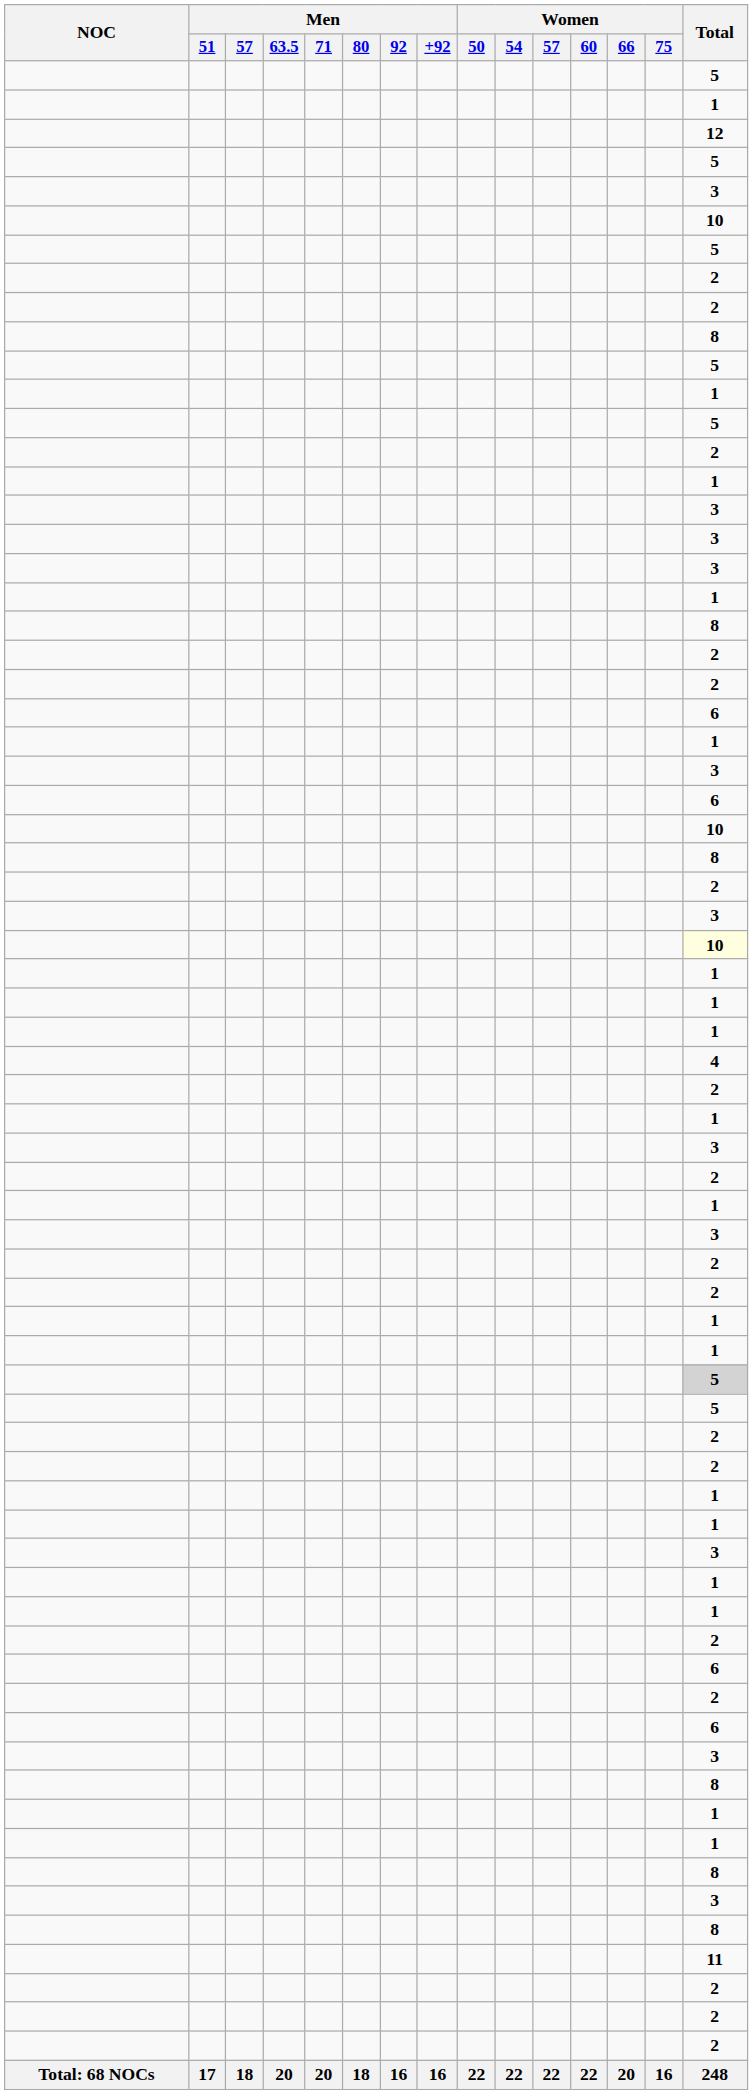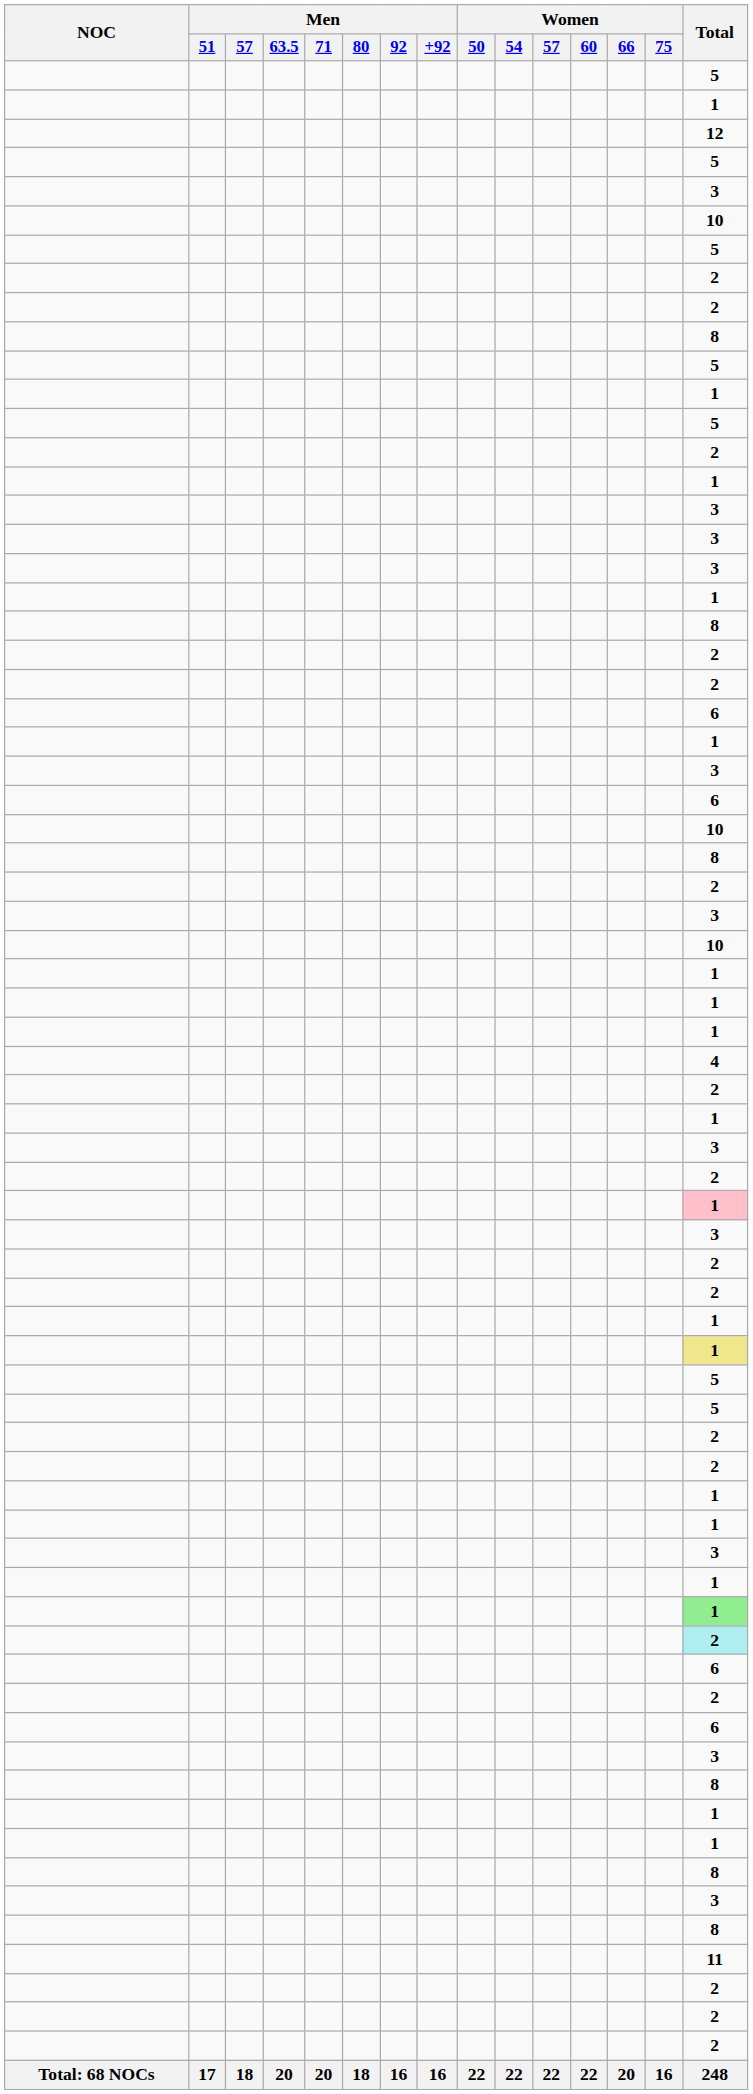 <table class="wikitable sortable" id="boxingNOC" style="text-align:center; font-size:90%">
 <tr>
 <th rowspan=2 width=208>NOC</th>
 <th colspan=7>Men</th>
 <th colspan=6>Women</th>
 <th rowspan=2 width=55>Total</th>
 </tr>
 <tr style="font-size: 95%">
 <th width=30><a href='#'>51</a></th>
 <th width=30><a href='#'>57</a></th>
 <th width=30><a href='#'>63.5</a></th>
 <th width=30><a href='#'>71</a></th>
 <th width=30><a href='#'>80</a></th>
 <th width=30><a href='#'>92</a></th>
 <th width=30><a href='#'>+92</a></th>
 <th width=30><a href='#'>50</a></th>
 <th width=30><a href='#'>54</a></th>
 <th width=30><a href='#'>57</a></th>
 <th width=30><a href='#'>60</a></th>
 <th width=30><a href='#'>66</a></th>
 <th width=30><a href='#'>75</a></th>
 </tr>
 <tr>
 <td align=left></td>
 <td></td>
 <td></td>
 <td></td>
 <td></td>
 <td></td>
 <td></td>
 <td></td>
 <td></td>
 <td></td>
 <td></td>
 <td></td>
 <td></td>
 <td></td>
 <td><strong>5</strong></td>
 </tr>
 <tr>
 <td align=left></td>
 <td></td>
 <td></td>
 <td></td>
 <td></td>
 <td></td>
 <td></td>
 <td></td>
 <td></td>
 <td></td>
 <td></td>
 <td></td>
 <td></td>
 <td></td>
 <td><strong>1</strong></td>
 </tr>
 <tr>
 <td align=left></td>
 <td></td>
 <td></td>
 <td></td>
 <td></td>
 <td></td>
 <td></td>
 <td></td>
 <td></td>
 <td></td>
 <td></td>
 <td></td>
 <td></td>
 <td></td>
 <td><strong>12</strong></td>
 </tr>
 <tr>
 <td align=left></td>
 <td></td>
 <td></td>
 <td></td>
 <td></td>
 <td></td>
 <td></td>
 <td></td>
 <td></td>
 <td></td>
 <td></td>
 <td></td>
 <td></td>
 <td></td>
 <td><strong>5</strong></td>
 </tr>
 <tr>
 <td align=left></td>
 <td></td>
 <td></td>
 <td></td>
 <td></td>
 <td></td>
 <td></td>
 <td></td>
 <td></td>
 <td></td>
 <td></td>
 <td></td>
 <td></td>
 <td></td>
 <td><strong>3</strong></td>
 </tr>
 <tr>
 <td align=left></td>
 <td></td>
 <td></td>
 <td></td>
 <td></td>
 <td></td>
 <td></td>
 <td></td>
 <td></td>
 <td></td>
 <td></td>
 <td></td>
 <td></td>
 <td></td>
 <td><strong>10</strong></td>
 </tr>
 <tr>
 <td align=left></td>
 <td></td>
 <td></td>
 <td></td>
 <td></td>
 <td></td>
 <td></td>
 <td></td>
 <td></td>
 <td></td>
 <td></td>
 <td></td>
 <td></td>
 <td></td>
 <td><strong>5</strong></td>
 </tr>
 <tr>
 <td align=left></td>
 <td></td>
 <td></td>
 <td></td>
 <td></td>
 <td></td>
 <td></td>
 <td></td>
 <td></td>
 <td></td>
 <td></td>
 <td></td>
 <td></td>
 <td></td>
 <td><strong>2</strong></td>
 </tr>
 <tr>
 <td align=left></td>
 <td></td>
 <td></td>
 <td></td>
 <td></td>
 <td></td>
 <td></td>
 <td></td>
 <td></td>
 <td></td>
 <td></td>
 <td></td>
 <td></td>
 <td></td>
 <td><strong>2</strong></td>
 </tr>
 <tr>
 <td align=left></td>
 <td></td>
 <td></td>
 <td></td>
 <td></td>
 <td></td>
 <td></td>
 <td></td>
 <td></td>
 <td></td>
 <td></td>
 <td></td>
 <td></td>
 <td></td>
 <td><strong>8</strong></td>
 </tr>
 <tr>
 <td align=left></td>
 <td></td>
 <td></td>
 <td></td>
 <td></td>
 <td></td>
 <td></td>
 <td></td>
 <td></td>
 <td></td>
 <td></td>
 <td></td>
 <td></td>
 <td></td>
 <td><strong>5</strong></td>
 </tr>
 <tr>
 <td align=left></td>
 <td></td>
 <td></td>
 <td></td>
 <td></td>
 <td></td>
 <td></td>
 <td></td>
 <td></td>
 <td></td>
 <td></td>
 <td></td>
 <td></td>
 <td></td>
 <td><strong>1</strong></td>
 </tr>
 <tr>
 <td align=left></td>
 <td></td>
 <td></td>
 <td></td>
 <td></td>
 <td></td>
 <td></td>
 <td></td>
 <td></td>
 <td></td>
 <td></td>
 <td></td>
 <td></td>
 <td></td>
 <td><strong>5</strong></td>
 </tr>
 <tr>
 <td align=left></td>
 <td></td>
 <td></td>
 <td></td>
 <td></td>
 <td></td>
 <td></td>
 <td></td>
 <td></td>
 <td></td>
 <td></td>
 <td></td>
 <td></td>
 <td></td>
 <td><strong>2</strong></td>
 </tr>
 <tr>
 <td align=left></td>
 <td></td>
 <td></td>
 <td></td>
 <td></td>
 <td></td>
 <td></td>
 <td></td>
 <td></td>
 <td></td>
 <td></td>
 <td></td>
 <td></td>
 <td></td>
 <td><strong>1</strong></td>
 </tr>
 <tr>
 <td align=left></td>
 <td></td>
 <td></td>
 <td></td>
 <td></td>
 <td></td>
 <td></td>
 <td></td>
 <td></td>
 <td></td>
 <td></td>
 <td></td>
 <td></td>
 <td></td>
 <td><strong>3</strong></td>
 </tr>
 <tr>
 <td align=left></td>
 <td></td>
 <td></td>
 <td></td>
 <td></td>
 <td></td>
 <td></td>
 <td></td>
 <td></td>
 <td></td>
 <td></td>
 <td></td>
 <td></td>
 <td></td>
 <td><strong>3</strong></td>
 </tr>
 <tr>
 <td align=left></td>
 <td></td>
 <td></td>
 <td></td>
 <td></td>
 <td></td>
 <td></td>
 <td></td>
 <td></td>
 <td></td>
 <td></td>
 <td></td>
 <td></td>
 <td></td>
 <td><strong>3</strong></td>
 </tr>
 <tr>
 <td align=left></td>
 <td></td>
 <td></td>
 <td></td>
 <td></td>
 <td></td>
 <td></td>
 <td></td>
 <td></td>
 <td></td>
 <td></td>
 <td></td>
 <td></td>
 <td></td>
 <td><strong>1</strong></td>
 </tr>
 <tr>
 <td align=left></td>
 <td></td>
 <td></td>
 <td></td>
 <td></td>
 <td></td>
 <td></td>
 <td></td>
 <td></td>
 <td></td>
 <td></td>
 <td></td>
 <td></td>
 <td></td>
 <td><strong>8</strong></td>
 </tr>
 <tr>
 <td align=left></td>
 <td></td>
 <td></td>
 <td></td>
 <td></td>
 <td></td>
 <td></td>
 <td></td>
 <td></td>
 <td></td>
 <td></td>
 <td></td>
 <td></td>
 <td></td>
 <td><strong>2</strong></td>
 </tr>
 <tr>
 <td align=left></td>
 <td></td>
 <td></td>
 <td></td>
 <td></td>
 <td></td>
 <td></td>
 <td></td>
 <td></td>
 <td></td>
 <td></td>
 <td></td>
 <td></td>
 <td></td>
 <td><strong>2</strong></td>
 </tr>
 <tr>
 <td align=left></td>
 <td></td>
 <td></td>
 <td></td>
 <td></td>
 <td></td>
 <td></td>
 <td></td>
 <td></td>
 <td></td>
 <td></td>
 <td></td>
 <td></td>
 <td></td>
 <td><strong>6</strong></td>
 </tr>
 <tr>
 <td align=left></td>
 <td></td>
 <td></td>
 <td></td>
 <td></td>
 <td></td>
 <td></td>
 <td></td>
 <td></td>
 <td></td>
 <td></td>
 <td></td>
 <td></td>
 <td></td>
 <td><strong>1</strong></td>
 </tr>
 <tr>
 <td align=left></td>
 <td></td>
 <td></td>
 <td></td>
 <td></td>
 <td></td>
 <td></td>
 <td></td>
 <td></td>
 <td></td>
 <td></td>
 <td></td>
 <td></td>
 <td></td>
 <td><strong>3</strong></td>
 </tr>
 <tr>
 <td align=left></td>
 <td></td>
 <td></td>
 <td></td>
 <td></td>
 <td></td>
 <td></td>
 <td></td>
 <td></td>
 <td></td>
 <td></td>
 <td></td>
 <td></td>
 <td></td>
 <td><strong>6</strong></td>
 </tr>
 <tr>
 <td align=left></td>
 <td></td>
 <td></td>
 <td></td>
 <td></td>
 <td></td>
 <td></td>
 <td></td>
 <td></td>
 <td></td>
 <td></td>
 <td></td>
 <td></td>
 <td></td>
 <td><strong>10</strong></td>
 </tr>
 <tr>
 <td align=left></td>
 <td></td>
 <td></td>
 <td></td>
 <td></td>
 <td></td>
 <td></td>
 <td></td>
 <td></td>
 <td></td>
 <td></td>
 <td></td>
 <td></td>
 <td></td>
 <td><strong>8</strong></td>
 </tr>
 <tr>
 <td align=left></td>
 <td></td>
 <td></td>
 <td></td>
 <td></td>
 <td></td>
 <td></td>
 <td></td>
 <td></td>
 <td></td>
 <td></td>
 <td></td>
 <td></td>
 <td></td>
 <td><strong>2</strong></td>
 </tr>
 <tr>
 <td align=left></td>
 <td></td>
 <td></td>
 <td></td>
 <td></td>
 <td></td>
 <td></td>
 <td></td>
 <td></td>
 <td></td>
 <td></td>
 <td></td>
 <td></td>
 <td></td>
 <td><strong>3</strong></td>
 </tr>
 <tr>
 <td align=left></td>
 <td></td>
 <td></td>
 <td></td>
 <td></td>
 <td></td>
 <td></td>
 <td></td>
 <td></td>
 <td></td>
 <td></td>
 <td></td>
 <td></td>
 <td></td>
-<td style="background: lightyellow;"><strong>10</strong></td>
+<td><strong>10</strong></td>
 </tr>
 <tr>
 <td align=left></td>
 <td></td>
 <td></td>
 <td></td>
 <td></td>
 <td></td>
 <td></td>
 <td></td>
 <td></td>
 <td></td>
 <td></td>
 <td></td>
 <td></td>
 <td></td>
 <td><strong>1</strong></td>
 </tr>
 <tr>
 <td align=left></td>
 <td></td>
 <td></td>
 <td></td>
 <td></td>
 <td></td>
 <td></td>
 <td></td>
 <td></td>
 <td></td>
 <td></td>
 <td></td>
 <td></td>
 <td></td>
 <td><strong>1</strong></td>
 </tr>
 <tr>
 <td align=left></td>
 <td></td>
 <td></td>
 <td></td>
 <td></td>
 <td></td>
 <td></td>
 <td></td>
 <td></td>
 <td></td>
 <td></td>
 <td></td>
 <td></td>
 <td></td>
 <td><strong>1</strong></td>
 </tr>
 <tr>
 <td align=left></td>
 <td></td>
 <td></td>
 <td></td>
 <td></td>
 <td></td>
 <td></td>
 <td></td>
 <td></td>
 <td></td>
 <td></td>
 <td></td>
 <td></td>
 <td></td>
 <td><strong>4</strong></td>
 </tr>
 <tr>
 <td align=left></td>
 <td></td>
 <td></td>
 <td></td>
 <td></td>
 <td></td>
 <td></td>
 <td></td>
 <td></td>
 <td></td>
 <td></td>
 <td></td>
 <td></td>
 <td></td>
 <td><strong>2</strong></td>
 </tr>
 <tr>
 <td align=left></td>
 <td></td>
 <td></td>
 <td></td>
 <td></td>
 <td></td>
 <td></td>
 <td></td>
 <td></td>
 <td></td>
 <td></td>
 <td></td>
 <td></td>
 <td></td>
 <td><strong>1</strong></td>
 </tr>
 <tr>
 <td align=left></td>
 <td></td>
 <td></td>
 <td></td>
 <td></td>
 <td></td>
 <td></td>
 <td></td>
 <td></td>
 <td></td>
 <td></td>
 <td></td>
 <td></td>
 <td></td>
 <td><strong>3</strong></td>
 </tr>
 <tr>
 <td align=left></td>
 <td></td>
 <td></td>
 <td></td>
 <td></td>
 <td></td>
 <td></td>
 <td></td>
 <td></td>
 <td></td>
 <td></td>
 <td></td>
 <td></td>
 <td></td>
 <td><strong>2</strong></td>
 </tr>
 <tr>
 <td align=left></td>
 <td></td>
 <td></td>
 <td></td>
 <td></td>
 <td></td>
 <td></td>
 <td></td>
 <td></td>
 <td></td>
 <td></td>
 <td></td>
 <td></td>
 <td></td>
-<td><strong>1</strong></td>
+<td style="background: pink;"><strong>1</strong></td>
 </tr>
 <tr>
 <td align=left></td>
 <td></td>
 <td></td>
 <td></td>
 <td></td>
 <td></td>
 <td></td>
 <td></td>
 <td></td>
 <td></td>
 <td></td>
 <td></td>
 <td></td>
 <td></td>
 <td><strong>3</strong></td>
 </tr>
 <tr>
 <td align=left></td>
 <td></td>
 <td></td>
 <td></td>
 <td></td>
 <td></td>
 <td></td>
 <td></td>
 <td></td>
 <td></td>
 <td></td>
 <td></td>
 <td></td>
 <td></td>
 <td><strong>2</strong></td>
 </tr>
 <tr>
 <td align=left></td>
 <td></td>
 <td></td>
 <td></td>
 <td></td>
 <td></td>
 <td></td>
 <td></td>
 <td></td>
 <td></td>
 <td></td>
 <td></td>
 <td></td>
 <td></td>
 <td><strong>2</strong></td>
 </tr>
 <tr>
 <td align=left></td>
 <td></td>
 <td></td>
 <td></td>
 <td></td>
 <td></td>
 <td></td>
 <td></td>
 <td></td>
 <td></td>
 <td></td>
 <td></td>
 <td></td>
 <td></td>
 <td><strong>1</strong></td>
 </tr>
 <tr>
 <td align=left></td>
 <td></td>
 <td></td>
 <td></td>
 <td></td>
 <td></td>
 <td></td>
 <td></td>
 <td></td>
 <td></td>
 <td></td>
 <td></td>
 <td></td>
 <td></td>
-<td><strong>1</strong></td>
+<td style="background: khaki;"><strong>1</strong></td>
 </tr>
 <tr>
 <td align=left></td>
 <td></td>
 <td></td>
 <td></td>
 <td></td>
 <td></td>
 <td></td>
 <td></td>
 <td></td>
 <td></td>
 <td></td>
 <td></td>
 <td></td>
 <td></td>
-<td style="background: lightgrey;"><strong>5</strong></td>
+<td><strong>5</strong></td>
 </tr>
 <tr>
 <td align=left></td>
 <td></td>
 <td></td>
 <td></td>
 <td></td>
 <td></td>
 <td></td>
 <td></td>
 <td></td>
 <td></td>
 <td></td>
 <td></td>
 <td></td>
 <td></td>
 <td><strong>5</strong></td>
 </tr>
 <tr>
 <td align=left></td>
 <td></td>
 <td></td>
 <td></td>
 <td></td>
 <td></td>
 <td></td>
 <td></td>
 <td></td>
 <td></td>
 <td></td>
 <td></td>
 <td></td>
 <td></td>
 <td><strong>2</strong></td>
 </tr>
 <tr>
 <td align=left></td>
 <td></td>
 <td></td>
 <td></td>
 <td></td>
 <td></td>
 <td></td>
 <td></td>
 <td></td>
 <td></td>
 <td></td>
 <td></td>
 <td></td>
 <td></td>
 <td><strong>2</strong></td>
 </tr>
 <tr>
 <td align=left></td>
 <td></td>
 <td></td>
 <td></td>
 <td></td>
 <td></td>
 <td></td>
 <td></td>
 <td></td>
 <td></td>
 <td></td>
 <td></td>
 <td></td>
 <td></td>
 <td><strong>1</strong></td>
 </tr>
 <tr>
 <td align=left></td>
 <td></td>
 <td></td>
 <td></td>
 <td></td>
 <td></td>
 <td></td>
 <td></td>
 <td></td>
 <td></td>
 <td></td>
 <td></td>
 <td></td>
 <td></td>
 <td><strong>1</strong></td>
 </tr>
 <tr>
 <td align=left></td>
 <td></td>
 <td></td>
 <td></td>
 <td></td>
 <td></td>
 <td></td>
 <td></td>
 <td></td>
 <td></td>
 <td></td>
 <td></td>
 <td></td>
 <td></td>
 <td><strong>3</strong></td>
 </tr>
 <tr>
 <td align=left></td>
 <td></td>
 <td></td>
 <td></td>
 <td></td>
 <td></td>
 <td></td>
 <td></td>
 <td></td>
 <td></td>
 <td></td>
 <td></td>
 <td></td>
 <td></td>
 <td><strong>1</strong></td>
 </tr>
 <tr>
 <td align=left></td>
 <td></td>
 <td></td>
 <td></td>
 <td></td>
 <td></td>
 <td></td>
 <td></td>
 <td></td>
 <td></td>
 <td></td>
 <td></td>
 <td></td>
 <td></td>
-<td><strong>1</strong></td>
+<td style="background: lightgreen;"><strong>1</strong></td>
 </tr>
 <tr>
 <td align=left></td>
 <td></td>
 <td></td>
 <td></td>
 <td></td>
 <td></td>
 <td></td>
 <td></td>
 <td></td>
 <td></td>
 <td></td>
 <td></td>
 <td></td>
 <td></td>
-<td><strong>2</strong></td>
+<td style="background: paleturquoise;"><strong>2</strong></td>
 </tr>
 <tr>
 <td align=left></td>
 <td></td>
 <td></td>
 <td></td>
 <td></td>
 <td></td>
 <td></td>
 <td></td>
 <td></td>
 <td></td>
 <td></td>
 <td></td>
 <td></td>
 <td></td>
 <td><strong>6</strong></td>
 </tr>
 <tr>
 <td align=left></td>
 <td></td>
 <td></td>
 <td></td>
 <td></td>
 <td></td>
 <td></td>
 <td></td>
 <td></td>
 <td></td>
 <td></td>
 <td></td>
 <td></td>
 <td></td>
 <td><strong>2</strong></td>
 </tr>
 <tr>
 <td align=left></td>
 <td></td>
 <td></td>
 <td></td>
 <td></td>
 <td></td>
 <td></td>
 <td></td>
 <td></td>
 <td></td>
 <td></td>
 <td></td>
 <td></td>
 <td></td>
 <td><strong>6</strong></td>
 </tr>
 <tr>
 <td align=left></td>
 <td></td>
 <td></td>
 <td></td>
 <td></td>
 <td></td>
 <td></td>
 <td></td>
 <td></td>
 <td></td>
 <td></td>
 <td></td>
 <td></td>
 <td></td>
 <td><strong>3</strong></td>
 </tr>
 <tr>
 <td align=left></td>
 <td></td>
 <td></td>
 <td></td>
 <td></td>
 <td></td>
 <td></td>
 <td></td>
 <td></td>
 <td></td>
 <td></td>
 <td></td>
 <td></td>
 <td></td>
 <td><strong>8</strong></td>
 </tr>
 <tr>
 <td align=left></td>
 <td></td>
 <td></td>
 <td></td>
 <td></td>
 <td></td>
 <td></td>
 <td></td>
 <td></td>
 <td></td>
 <td></td>
 <td></td>
 <td></td>
 <td></td>
 <td><strong>1</strong></td>
 </tr>
 <tr>
 <td align=left></td>
 <td></td>
 <td></td>
 <td></td>
 <td></td>
 <td></td>
 <td></td>
 <td></td>
 <td></td>
 <td></td>
 <td></td>
 <td></td>
 <td></td>
 <td></td>
 <td><strong>1</strong></td>
 </tr>
 <tr>
 <td align=left></td>
 <td></td>
 <td></td>
 <td></td>
 <td></td>
 <td></td>
 <td></td>
 <td></td>
 <td></td>
 <td></td>
 <td></td>
 <td></td>
 <td></td>
 <td></td>
 <td><strong>8</strong></td>
 </tr>
 <tr>
 <td align=left></td>
 <td></td>
 <td></td>
 <td></td>
 <td></td>
 <td></td>
 <td></td>
 <td></td>
 <td></td>
 <td></td>
 <td></td>
 <td></td>
 <td></td>
 <td></td>
 <td><strong>3</strong></td>
 </tr>
 <tr>
 <td align=left></td>
 <td></td>
 <td></td>
 <td></td>
 <td></td>
 <td></td>
 <td></td>
 <td></td>
 <td></td>
 <td></td>
 <td></td>
 <td></td>
 <td></td>
 <td></td>
 <td><strong>8</strong></td>
 </tr>
 <tr>
 <td align=left></td>
 <td></td>
 <td></td>
 <td></td>
 <td></td>
 <td></td>
 <td></td>
 <td></td>
 <td></td>
 <td></td>
 <td></td>
 <td></td>
 <td></td>
 <td></td>
 <td><strong>11</strong></td>
 </tr>
 <tr>
 <td align=left></td>
 <td></td>
 <td></td>
 <td></td>
 <td></td>
 <td></td>
 <td></td>
 <td></td>
 <td></td>
 <td></td>
 <td></td>
 <td></td>
 <td></td>
 <td></td>
 <td><strong>2</strong></td>
 </tr>
 <tr>
 <td align=left></td>
 <td></td>
 <td></td>
 <td></td>
 <td></td>
 <td></td>
 <td></td>
 <td></td>
 <td></td>
 <td></td>
 <td></td>
 <td></td>
 <td></td>
 <td></td>
 <td><strong>2</strong></td>
 </tr>
 <tr>
 <td align=left></td>
 <td></td>
 <td></td>
 <td></td>
 <td></td>
 <td></td>
 <td></td>
 <td></td>
 <td></td>
 <td></td>
 <td></td>
 <td></td>
 <td></td>
 <td></td>
 <td><strong>2</strong></td>
 </tr>
 <tr>
 <th>Total: 68 NOCs</th>
 <th>17</th>
 <th>18</th>
 <th>20</th>
 <th>20</th>
 <th>18</th>
 <th>16</th>
 <th>16</th>
 <th>22</th>
 <th>22</th>
 <th>22</th>
 <th>22</th>
 <th>20</th>
 <th>16</th>
 <th>248</th>
 </tr>
 </table>
